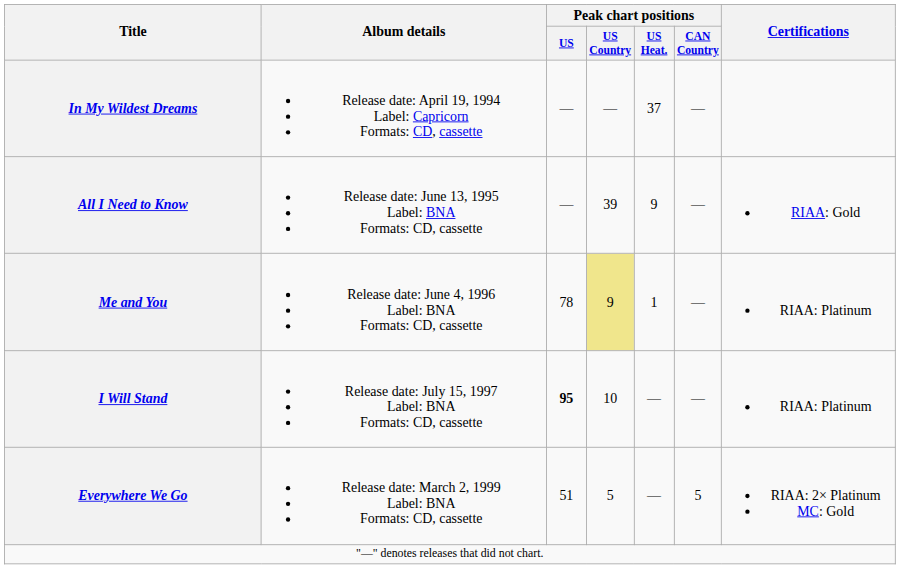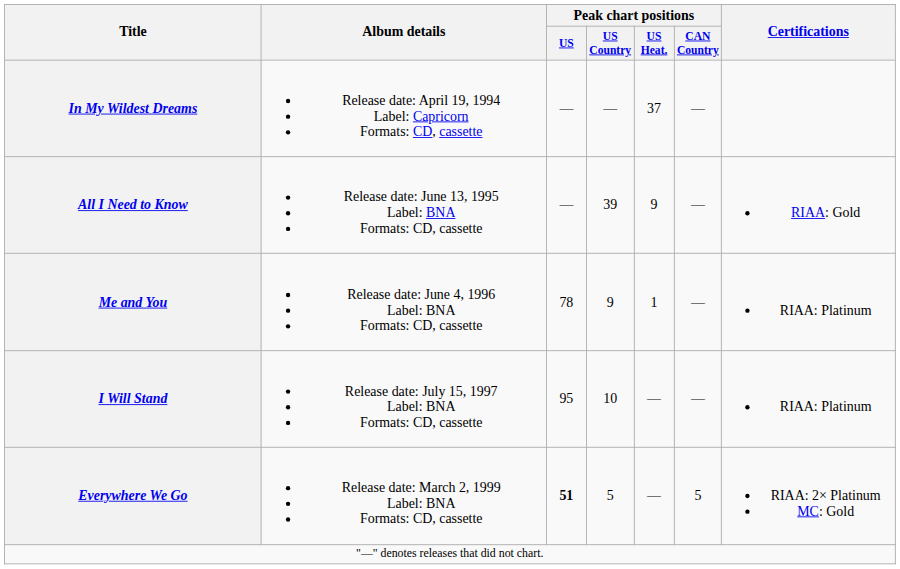 <table class="wikitable plainrowheaders" style="text-align:center;">
 <tr>
 <th scope="col" rowspan="2" style="width:18em;">Title</th>
 <th scope="col" rowspan="2" style="width:20em;">Album details</th>
 <th scope="col" colspan="4">Peak chart positions</th>
 <th scope="col" rowspan="2" style="width:12em;"><a href='#'>Certifications</a><br></th>
 </tr>
 <tr style="font-size:smaller;">
 <th scope="col" width="40"><a href='#'>US</a><br></th>
 <th scope="col" width="40"><a href='#'>US Country</a><br></th>
 <th scope="col" width="40"><a href='#'>US<br>Heat.</a><br></th>
 <th scope="col" width="40"><a href='#'>CAN Country</a><br></th>
 </tr>
 <tr>
 <th scope="row"><em><a href='#'>In My Wildest Dreams</a></em></th>
 <td><br><ul><li>Release date: April 19, 1994</li><li>Label: <a href='#'>Capricorn</a></li><li>Formats: <a href='#'>CD</a>, <a href='#'>cassette</a></li></ul></td>
 <td>—</td>
 <td>—</td>
 <td>37</td>
 <td>—</td>
 <td></td>
 </tr>
 <tr>
 <th scope="row"><em><a href='#'>All I Need to Know</a></em></th>
 <td><br><ul><li>Release date: June 13, 1995</li><li>Label: <a href='#'>BNA</a></li><li>Formats: CD, cassette</li></ul></td>
 <td>—</td>
 <td>39</td>
 <td>9</td>
 <td>—</td>
 <td><br><ul><li><a href='#'>RIAA</a>: Gold</li></ul></td>
 </tr>
 <tr>
 <th scope="row"><em><a href='#'>Me and You</a></em></th>
 <td><br><ul><li>Release date: June 4, 1996</li><li>Label: BNA</li><li>Formats: CD, cassette</li></ul></td>
 <td>78</td>
-<td style="background: khaki;">9</td>
+<td>9</td>
 <td>1</td>
 <td>—</td>
 <td><br><ul><li>RIAA: Platinum</li></ul></td>
 </tr>
 <tr>
 <th scope="row"><em><a href='#'>I Will Stand</a></em></th>
 <td><br><ul><li>Release date: July 15, 1997</li><li>Label: BNA</li><li>Formats: CD, cassette</li></ul></td>
-<td><strong>95</strong></td>
+<td>95</td>
 <td>10</td>
 <td>—</td>
 <td>—</td>
 <td><br><ul><li>RIAA: Platinum</li></ul></td>
 </tr>
 <tr>
 <th scope="row"><em><a href='#'>Everywhere We Go</a></em></th>
 <td><br><ul><li>Release date: March 2, 1999</li><li>Label: BNA</li><li>Formats: CD, cassette</li></ul></td>
-<td>51</td>
+<td><strong>51</strong></td>
 <td>5</td>
 <td>—</td>
 <td>5</td>
 <td><br><ul><li>RIAA: 2× Platinum</li><li><a href='#'>MC</a>: Gold</li></ul></td>
 </tr>
 <tr>
 <td colspan="7" style="font-size:85%">"—" denotes releases that did not chart.</td>
 </tr>
 </table>
